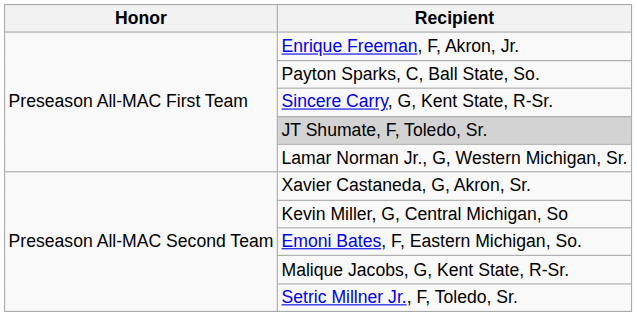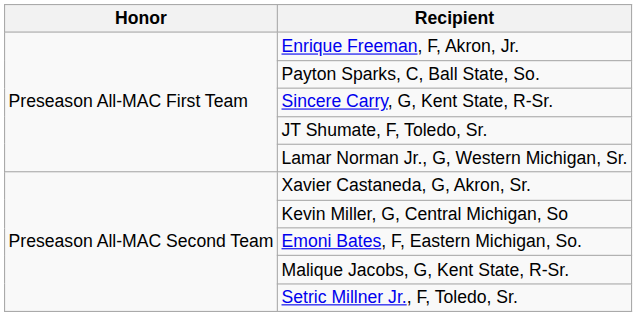 <table class="wikitable" border="1">
 <tr>
 <th>Honor</th>
 <th>Recipient</th>
 </tr>
 <tr>
 <td rowspan=5 valign=middle>Preseason All-MAC First Team</td>
 <td><a href='#'>Enrique Freeman</a>, F, Akron, Jr.</td>
 </tr>
 <tr>
 <td>Payton Sparks, C, Ball State, So.</td>
 </tr>
 <tr>
 <td><a href='#'>Sincere Carry</a>, G, Kent State, R-Sr.</td>
 </tr>
 <tr>
-<td style="background: lightgrey;">JT Shumate, F, Toledo, Sr.</td>
+<td>JT Shumate, F, Toledo, Sr.</td>
 </tr>
 <tr>
 <td>Lamar Norman Jr., G, Western Michigan, Sr.</td>
 </tr>
 <tr>
 <td rowspan=6 valign=middle>Preseason All-MAC Second Team</td>
 <td>Xavier Castaneda, G, Akron, Sr.</td>
 </tr>
 <tr>
 <td>Kevin Miller, G, Central Michigan, So</td>
 </tr>
 <tr>
 <td><a href='#'>Emoni Bates</a>, F, Eastern Michigan, So.</td>
 </tr>
 <tr>
 <td>Malique Jacobs, G, Kent State, R-Sr.</td>
 </tr>
 <tr>
 <td><a href='#'>Setric Millner Jr.</a>, F, Toledo, Sr.</td>
 </tr>
 </table>
